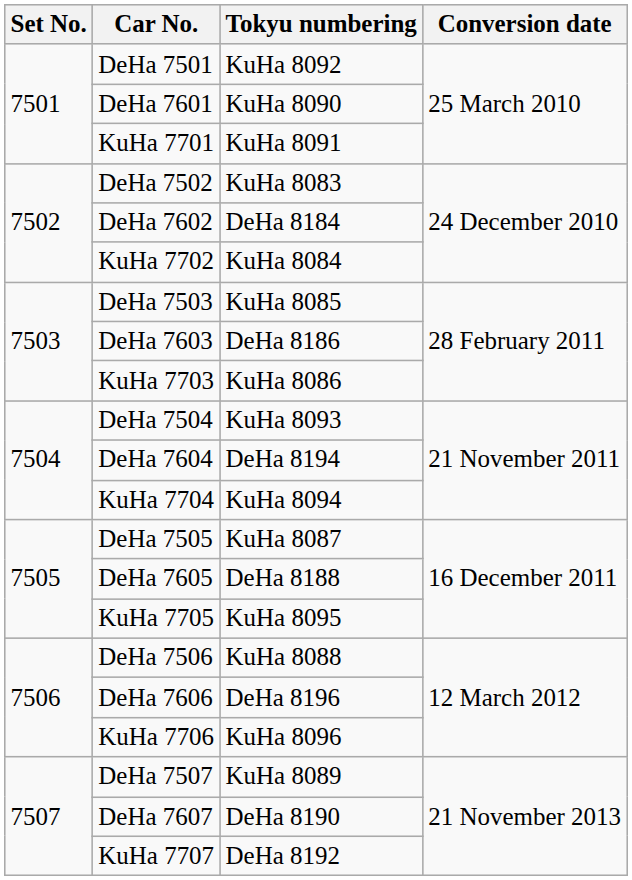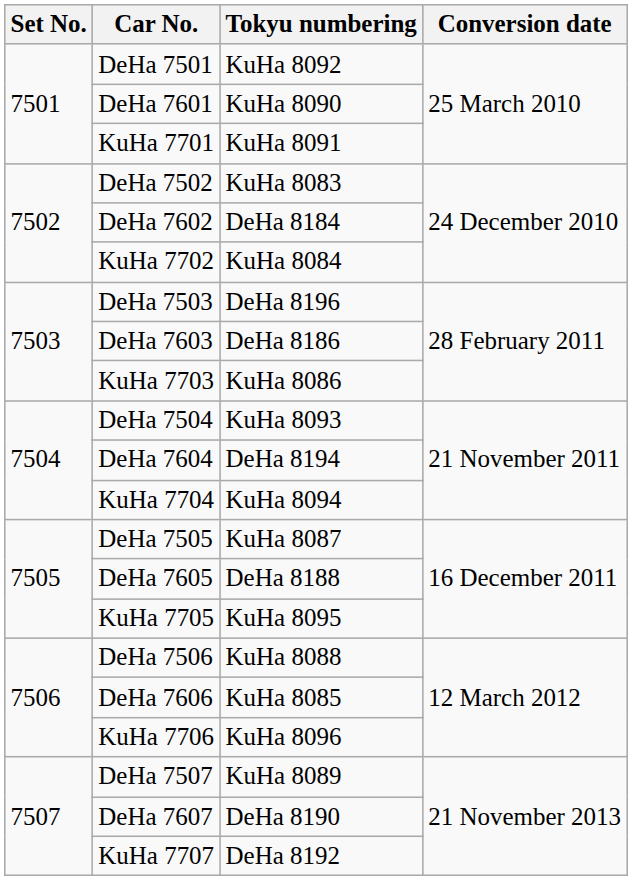 <table class="wikitable">
 <tr>
 <th>Set No.</th>
 <th>Car No.</th>
 <th>Tokyu numbering</th>
 <th>Conversion date</th>
 </tr>
 <tr>
 <td rowspan=3>7501</td>
 <td>DeHa 7501</td>
 <td>KuHa 8092</td>
 <td rowspan=3>25 March 2010</td>
 </tr>
 <tr>
 <td>DeHa 7601</td>
 <td>KuHa 8090</td>
 </tr>
 <tr>
 <td>KuHa 7701</td>
 <td>KuHa 8091</td>
 </tr>
 <tr>
 <td rowspan=3>7502</td>
 <td>DeHa 7502</td>
 <td>KuHa 8083</td>
 <td rowspan=3>24 December 2010</td>
 </tr>
 <tr>
 <td>DeHa 7602</td>
 <td>DeHa 8184</td>
 </tr>
 <tr>
 <td>KuHa 7702</td>
 <td>KuHa 8084</td>
 </tr>
 <tr>
 <td rowspan=3>7503</td>
 <td>DeHa 7503</td>
-<td>KuHa 8085</td>
+<td>DeHa 8196</td>
 <td rowspan=3>28 February 2011</td>
 </tr>
 <tr>
 <td>DeHa 7603</td>
 <td>DeHa 8186</td>
 </tr>
 <tr>
 <td>KuHa 7703</td>
 <td>KuHa 8086</td>
 </tr>
 <tr>
 <td rowspan=3>7504</td>
 <td>DeHa 7504</td>
 <td>KuHa 8093</td>
 <td rowspan=3>21 November 2011</td>
 </tr>
 <tr>
 <td>DeHa 7604</td>
 <td>DeHa 8194</td>
 </tr>
 <tr>
 <td>KuHa 7704</td>
 <td>KuHa 8094</td>
 </tr>
 <tr>
 <td rowspan=3>7505</td>
 <td>DeHa 7505</td>
 <td>KuHa 8087</td>
 <td rowspan=3>16 December 2011</td>
 </tr>
 <tr>
 <td>DeHa 7605</td>
 <td>DeHa 8188</td>
 </tr>
 <tr>
 <td>KuHa 7705</td>
 <td>KuHa 8095</td>
 </tr>
 <tr>
 <td rowspan=3>7506</td>
 <td>DeHa 7506</td>
 <td>KuHa 8088</td>
 <td rowspan=3>12 March 2012</td>
 </tr>
 <tr>
 <td>DeHa 7606</td>
-<td>DeHa 8196</td>
+<td>KuHa 8085</td>
 </tr>
 <tr>
 <td>KuHa 7706</td>
 <td>KuHa 8096</td>
 </tr>
 <tr>
 <td rowspan=3>7507</td>
 <td>DeHa 7507</td>
 <td>KuHa 8089</td>
 <td rowspan=3>21 November 2013</td>
 </tr>
 <tr>
 <td>DeHa 7607</td>
 <td>DeHa 8190</td>
 </tr>
 <tr>
 <td>KuHa 7707</td>
 <td>DeHa 8192</td>
 </tr>
 </table>
